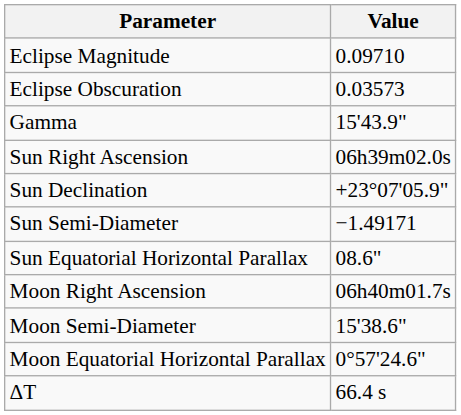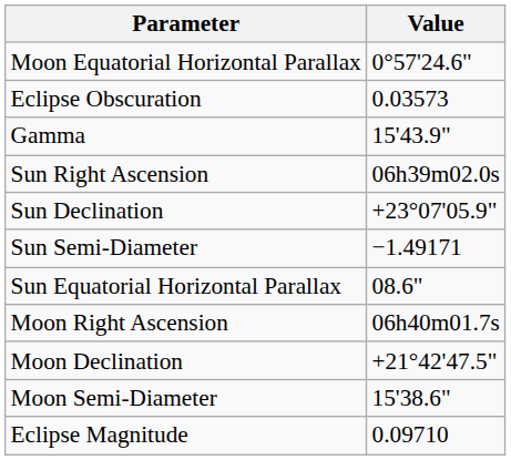 <table class="wikitable">
 <tr>
 <th>Parameter</th>
 <th>Value</th>
 </tr>
 <tr>
-<td>Eclipse Magnitude</td>
-<td>0.09710</td>
+<td>Moon Equatorial Horizontal Parallax</td>
+<td>0°57'24.6"</td>
 </tr>
 <tr>
 <td>Eclipse Obscuration</td>
 <td>0.03573</td>
 </tr>
 <tr>
 <td>Gamma</td>
 <td>15'43.9"</td>
 </tr>
 <tr>
 <td>Sun Right Ascension</td>
 <td>06h39m02.0s</td>
 </tr>
 <tr>
 <td>Sun Declination</td>
 <td>+23°07'05.9"</td>
 </tr>
 <tr>
 <td>Sun Semi-Diameter</td>
 <td>−1.49171</td>
 </tr>
 <tr>
 <td>Sun Equatorial Horizontal Parallax</td>
 <td>08.6"</td>
 </tr>
 <tr>
 <td>Moon Right Ascension</td>
 <td>06h40m01.7s</td>
 </tr>
 <tr>
+<td>Moon Declination</td>
+<td>+21°42'47.5"</td>
+</tr>
+<tr>
 <td>Moon Semi-Diameter</td>
 <td>15'38.6"</td>
 </tr>
 <tr>
-<td>Moon Equatorial Horizontal Parallax</td>
-<td>0°57'24.6"</td>
-</tr>
-<tr>
-<td>ΔT</td>
-<td>66.4 s</td>
+<td>Eclipse Magnitude</td>
+<td>0.09710</td>
 </tr>
 </table>
